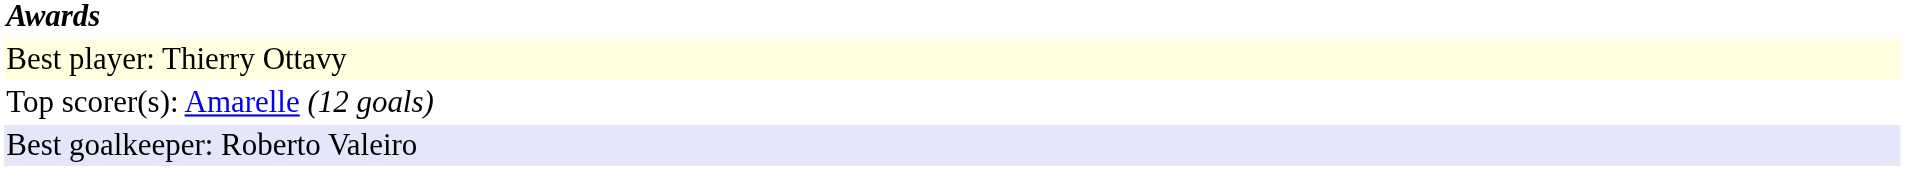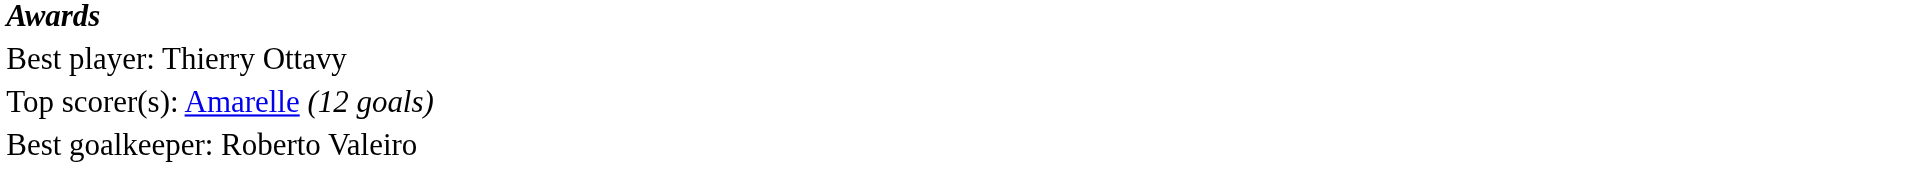 <table width=100% cellspacing=1 style="font-size: 90%;">
 <tr>
 <td><strong><em>Awards</em></strong></td>
 </tr>
 <tr>
-<td style="background: lightyellow;">Best player:  Thierry Ottavy</td>
+<td>Best player:  Thierry Ottavy</td>
 </tr>
 <tr>
 <td colspan=4>Top scorer(s):  <a href='#'>Amarelle</a> <em>(12 goals)</em></td>
 </tr>
 <tr>
-<td style="background: lavender;">Best goalkeeper:  Roberto Valeiro</td>
+<td>Best goalkeeper:  Roberto Valeiro</td>
 </tr>
 </table>
